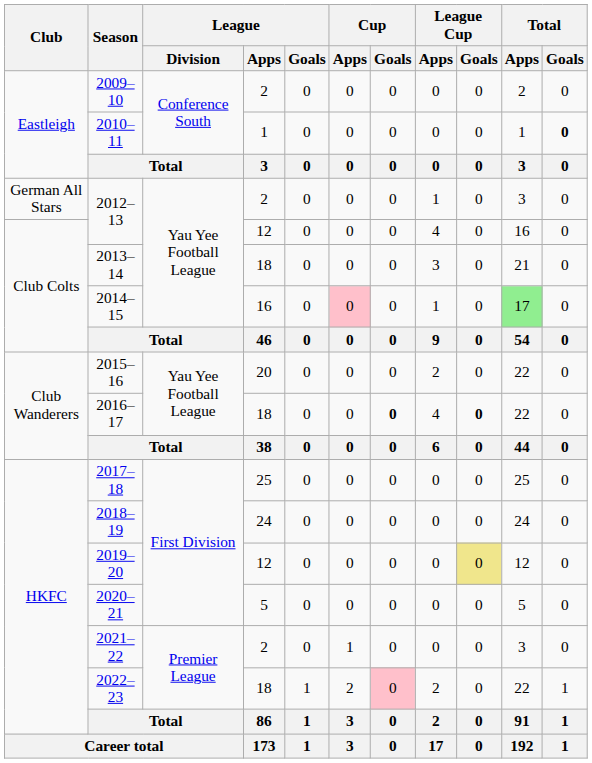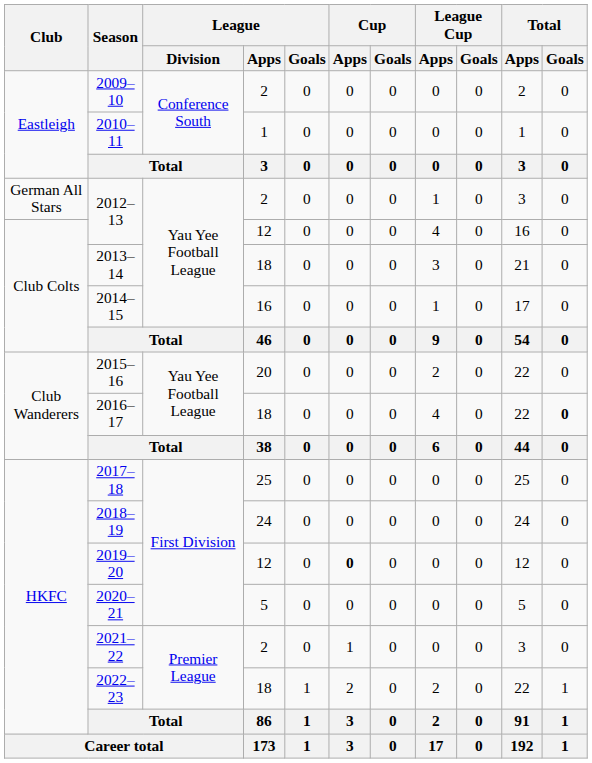 <table class="wikitable" style="text-align: center">
 <tr>
 <th rowspan="2">Club</th>
 <th rowspan="2">Season</th>
 <th colspan="3">League</th>
 <th colspan="2">Cup</th>
 <th colspan="2">League Cup</th>
 <th colspan="2">Total</th>
 </tr>
 <tr>
 <th>Division</th>
 <th>Apps</th>
 <th>Goals</th>
 <th>Apps</th>
 <th>Goals</th>
 <th>Apps</th>
 <th>Goals</th>
 <th>Apps</th>
 <th>Goals</th>
 </tr>
 <tr>
 <td rowspan="3"><a href='#'>Eastleigh</a></td>
 <td><a href='#'>2009–10</a></td>
 <td rowspan="2"><a href='#'>Conference South</a></td>
 <td>2</td>
 <td>0</td>
 <td>0</td>
 <td>0</td>
 <td>0</td>
 <td>0</td>
 <td>2</td>
 <td>0</td>
 </tr>
 <tr>
 <td><a href='#'>2010–11</a></td>
 <td>1</td>
 <td>0</td>
 <td>0</td>
 <td>0</td>
 <td>0</td>
 <td>0</td>
 <td>1</td>
-<td><strong>0</strong></td>
+<td>0</td>
 </tr>
 <tr>
 <th colspan="2">Total</th>
 <th>3</th>
 <th>0</th>
 <th>0</th>
 <th>0</th>
 <th>0</th>
 <th>0</th>
 <th>3</th>
 <th>0</th>
 </tr>
 <tr>
 <td>German All Stars</td>
 <td rowspan="2">2012–13</td>
 <td rowspan="4">Yau Yee Football League</td>
 <td>2</td>
 <td>0</td>
 <td>0</td>
 <td>0</td>
 <td>1</td>
 <td>0</td>
 <td>3</td>
 <td>0</td>
 </tr>
 <tr>
 <td rowspan="4">Club Colts</td>
 <td>12</td>
 <td>0</td>
 <td>0</td>
 <td>0</td>
 <td>4</td>
 <td>0</td>
 <td>16</td>
 <td>0</td>
 </tr>
 <tr>
 <td>2013–14</td>
 <td>18</td>
 <td>0</td>
 <td>0</td>
 <td>0</td>
 <td>3</td>
 <td>0</td>
 <td>21</td>
 <td>0</td>
 </tr>
 <tr>
 <td>2014–15</td>
 <td>16</td>
 <td>0</td>
-<td style="background: pink;">0</td>
+<td>0</td>
 <td>0</td>
 <td>1</td>
 <td>0</td>
-<td style="background: lightgreen;">17</td>
+<td>17</td>
 <td>0</td>
 </tr>
 <tr>
 <th colspan="2">Total</th>
 <th>46</th>
 <th>0</th>
 <th>0</th>
 <th>0</th>
 <th>9</th>
 <th>0</th>
 <th>54</th>
 <th>0</th>
 </tr>
 <tr>
 <td rowspan="3">Club Wanderers</td>
 <td>2015–16</td>
 <td rowspan="2">Yau Yee Football League</td>
 <td>20</td>
 <td>0</td>
 <td>0</td>
 <td>0</td>
 <td>2</td>
 <td>0</td>
 <td>22</td>
 <td>0</td>
 </tr>
 <tr>
 <td>2016–17</td>
 <td>18</td>
 <td>0</td>
 <td>0</td>
+<td>0</td>
+<td>4</td>
+<td>0</td>
+<td>22</td>
 <td><strong>0</strong></td>
-<td>4</td>
-<td><strong>0</strong></td>
-<td>22</td>
-<td>0</td>
 </tr>
 <tr>
 <th colspan="2">Total</th>
 <th>38</th>
 <th>0</th>
 <th>0</th>
 <th>0</th>
 <th>6</th>
 <th>0</th>
 <th>44</th>
 <th>0</th>
 </tr>
 <tr>
 <td rowspan="7"><a href='#'>HKFC</a></td>
 <td><a href='#'>2017–18</a></td>
 <td rowspan="4"><a href='#'>First Division</a></td>
 <td>25</td>
 <td>0</td>
 <td>0</td>
 <td>0</td>
 <td>0</td>
 <td>0</td>
 <td>25</td>
 <td>0</td>
 </tr>
 <tr>
 <td><a href='#'>2018–19</a></td>
 <td>24</td>
 <td>0</td>
 <td>0</td>
 <td>0</td>
 <td>0</td>
 <td>0</td>
 <td>24</td>
 <td>0</td>
 </tr>
 <tr>
 <td><a href='#'>2019–20</a></td>
 <td>12</td>
 <td>0</td>
+<td><strong>0</strong></td>
 <td>0</td>
 <td>0</td>
 <td>0</td>
-<td style="background: khaki;">0</td>
 <td>12</td>
 <td>0</td>
 </tr>
 <tr>
 <td><a href='#'>2020–21</a></td>
 <td>5</td>
 <td>0</td>
 <td>0</td>
 <td>0</td>
 <td>0</td>
 <td>0</td>
 <td>5</td>
 <td>0</td>
 </tr>
 <tr>
 <td><a href='#'>2021–22</a></td>
 <td rowspan="2"><a href='#'>Premier League</a></td>
 <td>2</td>
 <td>0</td>
 <td>1</td>
 <td>0</td>
 <td>0</td>
 <td>0</td>
 <td>3</td>
 <td>0</td>
 </tr>
 <tr>
 <td><a href='#'>2022–23</a></td>
 <td>18</td>
 <td>1</td>
 <td>2</td>
-<td style="background: pink;">0</td>
+<td>0</td>
 <td>2</td>
 <td>0</td>
 <td>22</td>
 <td>1</td>
 </tr>
 <tr>
 <th colspan="2">Total</th>
 <th>86</th>
 <th>1</th>
 <th>3</th>
 <th>0</th>
 <th>2</th>
 <th>0</th>
 <th>91</th>
 <th>1</th>
 </tr>
 <tr>
 <th colspan="3">Career total</th>
 <th>173</th>
 <th>1</th>
 <th>3</th>
 <th>0</th>
 <th>17</th>
 <th>0</th>
 <th>192</th>
 <th>1</th>
 </tr>
 </table>
